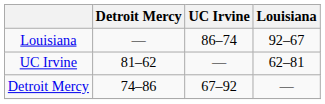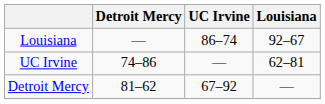 <table class="wikitable" style="text-align:center; font-size:90%;">
 <tr>
 <th></th>
 <th>Detroit Mercy</th>
 <th>UC Irvine</th>
 <th>Louisiana</th>
 </tr>
 <tr>
 <td style="text-align:center;"><a href='#'>Louisiana</a></td>
 <td>—</td>
 <td>86–74</td>
 <td>92–67</td>
 </tr>
 <tr>
 <td style="text-align:center;"><a href='#'>UC Irvine</a></td>
-<td>81–62</td>
+<td>74–86</td>
 <td>—</td>
 <td>62–81</td>
 </tr>
 <tr>
 <td style="text-align:center;"><a href='#'>Detroit Mercy</a></td>
-<td>74–86</td>
+<td>81–62</td>
 <td>67–92</td>
 <td>—</td>
 </tr>
 <tr>
 </tr>
 </table>
